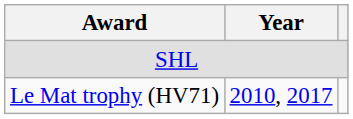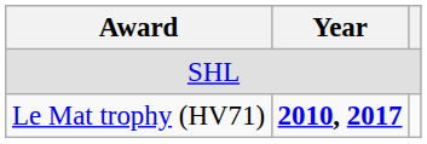 <table class="wikitable">
 <tr>
 <th>Award</th>
 <th>Year</th>
 <th></th>
 </tr>
 <tr ALIGN="center" bgcolor="#e0e0e0">
 <td colspan="3"><a href='#'>SHL</a></td>
 </tr>
 <tr>
 <td><a href='#'>Le Mat trophy</a> (HV71)</td>
-<td><a href='#'>2010</a>, <a href='#'>2017</a></td>
+<td><strong><a href='#'>2010</a>, <a href='#'>2017</a></strong></td>
 <td></td>
 </tr>
 </table>
